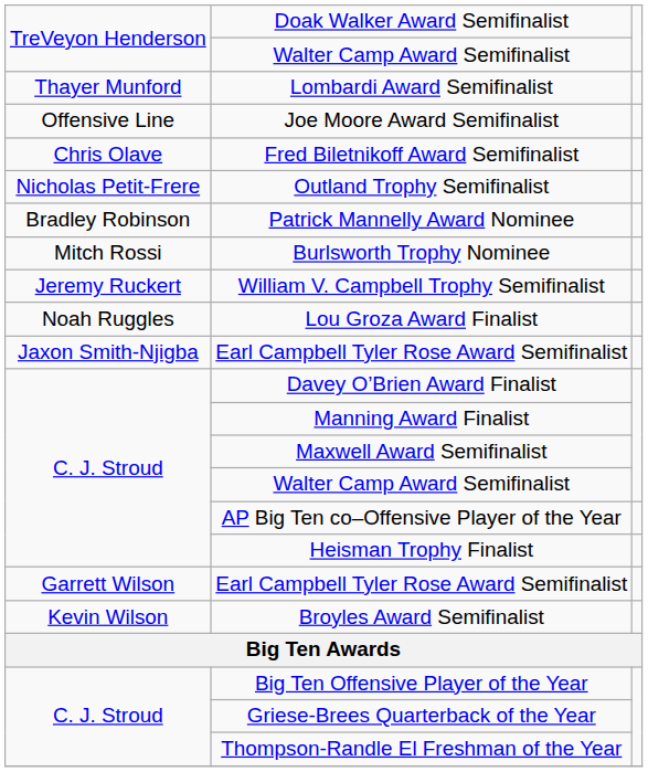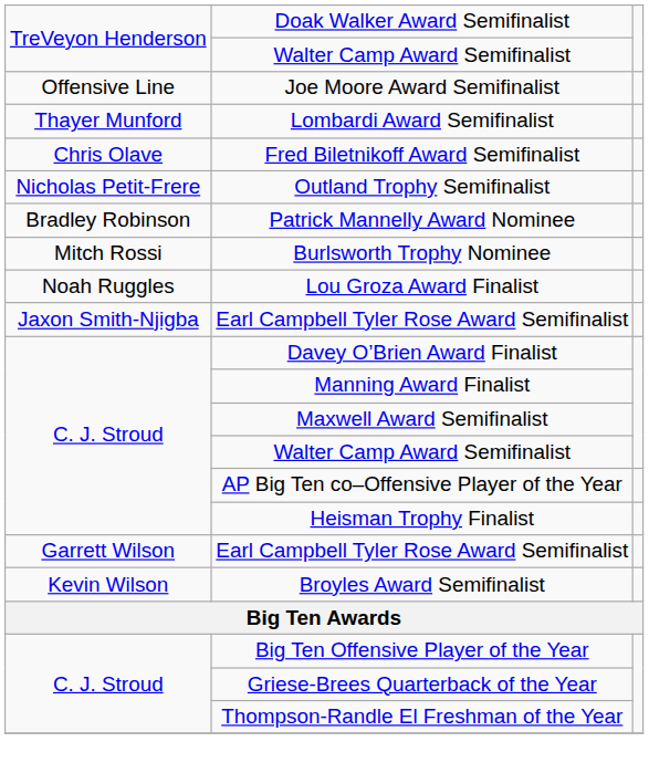 <table class="wikitable sortable sortable" style="text-align: center">
 <tr>
 <td rowspan="2"><a href='#'>TreVeyon Henderson</a></td>
 <td><a href='#'>Doak Walker Award</a> Semifinalist</td>
 <td rowspan="2"></td>
 </tr>
 <tr>
 <td><a href='#'>Walter Camp Award</a> Semifinalist</td>
 </tr>
 <tr>
-<td><a href='#'>Thayer Munford</a></td>
-<td><a href='#'>Lombardi Award</a> Semifinalist</td>
+<td>Offensive Line</td>
+<td>Joe Moore Award Semifinalist</td>
 <td></td>
 </tr>
 <tr>
-<td>Offensive Line</td>
-<td>Joe Moore Award Semifinalist</td>
+<td><a href='#'>Thayer Munford</a></td>
+<td><a href='#'>Lombardi Award</a> Semifinalist</td>
 <td></td>
 </tr>
 <tr>
 <td><a href='#'>Chris Olave</a></td>
 <td><a href='#'>Fred Biletnikoff Award</a> Semifinalist</td>
 <td></td>
 </tr>
 <tr>
 <td><a href='#'>Nicholas Petit-Frere</a></td>
 <td><a href='#'>Outland Trophy</a> Semifinalist</td>
 <td></td>
 </tr>
 <tr>
 <td>Bradley Robinson</td>
 <td><a href='#'>Patrick Mannelly Award</a> Nominee</td>
 <td></td>
 </tr>
 <tr>
 <td>Mitch Rossi</td>
 <td><a href='#'>Burlsworth Trophy</a> Nominee</td>
-<td></td>
-</tr>
-<tr>
-<td><a href='#'>Jeremy Ruckert</a></td>
-<td><a href='#'>William V. Campbell Trophy</a> Semifinalist</td>
 <td></td>
 </tr>
 <tr>
 <td>Noah Ruggles</td>
 <td><a href='#'>Lou Groza Award</a> Finalist</td>
 <td></td>
 </tr>
 <tr>
 <td><a href='#'>Jaxon Smith-Njigba</a></td>
 <td><a href='#'>Earl Campbell Tyler Rose Award</a> Semifinalist</td>
 <td></td>
 </tr>
 <tr>
 <td rowspan="6"><a href='#'>C. J. Stroud</a></td>
 <td><a href='#'>Davey O’Brien Award</a> Finalist</td>
 <td rowspan="4"></td>
 </tr>
 <tr>
 <td><a href='#'>Manning Award</a> Finalist</td>
 </tr>
 <tr>
 <td><a href='#'>Maxwell Award</a> Semifinalist</td>
 </tr>
 <tr>
 <td><a href='#'>Walter Camp Award</a> Semifinalist</td>
 </tr>
 <tr>
 <td><a href='#'>AP</a> Big Ten co–Offensive Player of the Year</td>
 <td></td>
 </tr>
 <tr>
 <td><a href='#'>Heisman Trophy</a> Finalist</td>
 <td></td>
 </tr>
 <tr>
 <td><a href='#'>Garrett Wilson</a></td>
 <td><a href='#'>Earl Campbell Tyler Rose Award</a> Semifinalist</td>
 <td></td>
 </tr>
 <tr>
 <td><a href='#'>Kevin Wilson</a></td>
 <td><a href='#'>Broyles Award</a> Semifinalist</td>
 <td></td>
 </tr>
 <tr>
 <th colspan="3">Big Ten Awards</th>
 </tr>
 <tr>
 <td rowspan="3"><a href='#'>C. J. Stroud</a></td>
 <td><a href='#'>Big Ten Offensive Player of the Year</a></td>
 <td rowspan="3"></td>
 </tr>
 <tr>
 <td><a href='#'>Griese-Brees Quarterback of the Year</a></td>
 </tr>
 <tr>
 <td><a href='#'>Thompson-Randle El Freshman of the Year</a></td>
 </tr>
 <tr>
 </tr>
 </table>
